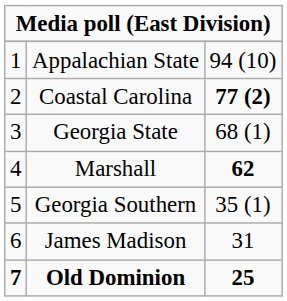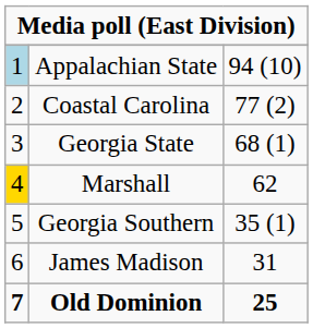 <table class="wikitable" style="display: inline-table;">
 <tr>
 <td align="center" Colspan="3"><strong>Media poll (East Division)</strong></td>
 </tr>
 <tr align="center">
 </tr>
 <tr align="center">
-<td>1</td>
+<td style="background: lightblue;">1</td>
 <td>Appalachian State</td>
 <td>94 (10)</td>
 </tr>
 <tr align="center">
 <td>2</td>
 <td>Coastal Carolina</td>
-<td><strong>77 (2)</strong></td>
+<td>77 (2)</td>
 </tr>
 <tr align="center">
 <td>3</td>
 <td>Georgia State</td>
 <td>68 (1)</td>
 </tr>
 <tr align="center">
-<td>4</td>
+<td style="background: gold;">4</td>
 <td>Marshall</td>
-<td><strong>62</strong></td>
+<td>62</td>
 </tr>
 <tr align="center">
 <td>5</td>
 <td>Georgia Southern</td>
 <td>35 (1)</td>
 </tr>
 <tr align="center">
 <td>6</td>
 <td>James Madison</td>
 <td>31</td>
 </tr>
 <tr align="center">
 <td><strong>7</strong></td>
 <td><strong>Old Dominion</strong></td>
 <td><strong>25</strong></td>
 </tr>
 </table>
